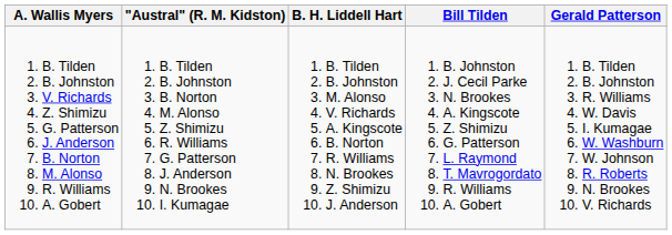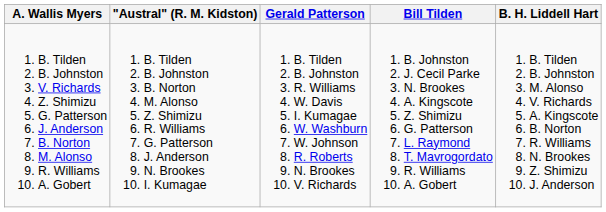 <table class="wikitable">
 <tr>
 <th>A. Wallis Myers</th>
 <th>"Austral" (R. M. Kidston)</th>
+<th><a href='#'>Gerald Patterson</a></th>
+<th><a href='#'>Bill Tilden</a></th>
 <th>B. H. Liddell Hart</th>
-<th><a href='#'>Bill Tilden</a></th>
-<th><a href='#'>Gerald Patterson</a></th>
 </tr>
 <tr style="vertical-align: top;">
 <td style="white-space: nowrap;"><br><ol><li> B. Tilden</li><li> B. Johnston</li><li> <a href='#'>V. Richards</a></li><li> Z. Shimizu</li><li> G. Patterson</li><li> <a href='#'>J. Anderson</a></li><li> <a href='#'>B. Norton</a></li><li> <a href='#'>M. Alonso</a></li><li> R. Williams</li><li> A. Gobert</li></ol></td>
 <td style="white-space: nowrap;"><br><ol><li> B. Tilden</li><li> B. Johnston</li><li> B. Norton</li><li> M. Alonso</li><li> Z. Shimizu</li><li> R. Williams</li><li> G. Patterson</li><li> J. Anderson</li><li> N. Brookes</li><li> I. Kumagae</li></ol></td>
+<td style="white-space: nowrap;"><br><ol><li> B. Tilden</li><li> B. Johnston</li><li> R. Williams</li><li> W. Davis</li><li> I. Kumagae</li><li> <a href='#'>W. Washburn</a></li><li> W. Johnson</li><li> <a href='#'>R. Roberts</a></li><li> N. Brookes</li><li> V. Richards</li></ol></td>
+<td style="white-space: nowrap;"><br><ol><li> B. Johnston</li><li> J. Cecil Parke</li><li> N. Brookes</li><li> A. Kingscote</li><li> Z. Shimizu</li><li> G. Patterson</li><li> <a href='#'>L. Raymond</a></li><li> <a href='#'>T. Mavrogordato</a></li><li> R. Williams</li><li> A. Gobert</li></ol></td>
 <td style="white-space: nowrap;"><br><ol><li> B. Tilden</li><li> B. Johnston</li><li> M. Alonso</li><li> V. Richards</li><li> A. Kingscote</li><li> B. Norton</li><li> R. Williams</li><li> N. Brookes</li><li> Z. Shimizu</li><li> J. Anderson</li></ol></td>
-<td style="white-space: nowrap;"><br><ol><li> B. Johnston</li><li> J. Cecil Parke</li><li> N. Brookes</li><li> A. Kingscote</li><li> Z. Shimizu</li><li> G. Patterson</li><li> <a href='#'>L. Raymond</a></li><li> <a href='#'>T. Mavrogordato</a></li><li> R. Williams</li><li> A. Gobert</li></ol></td>
-<td style="white-space: nowrap;"><br><ol><li> B. Tilden</li><li> B. Johnston</li><li> R. Williams</li><li> W. Davis</li><li> I. Kumagae</li><li> <a href='#'>W. Washburn</a></li><li> W. Johnson</li><li> <a href='#'>R. Roberts</a></li><li> N. Brookes</li><li> V. Richards</li></ol></td>
 </tr>
 </table>
